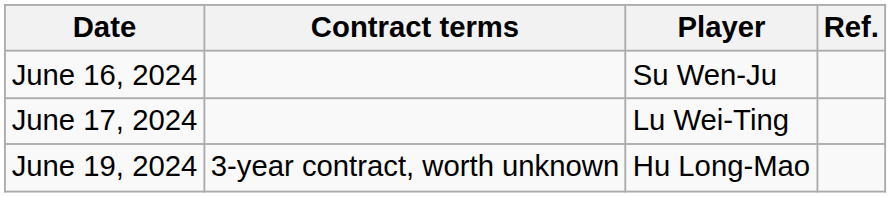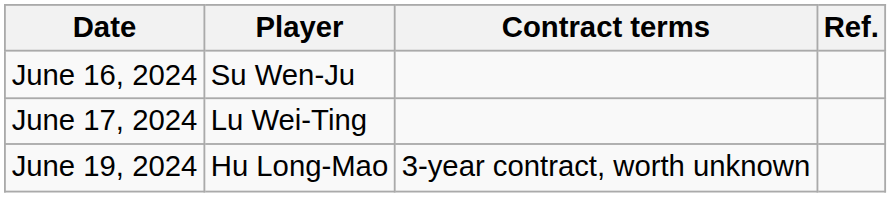 <table class="wikitable">
 <tr>
 <th>Date</th>
+<th>Player</th>
 <th>Contract terms</th>
-<th>Player</th>
 <th>Ref.</th>
 </tr>
 <tr>
 <td>June 16, 2024</td>
+<td>Su Wen-Ju</td>
 <td></td>
-<td>Su Wen-Ju</td>
 <td></td>
 </tr>
 <tr>
 <td>June 17, 2024</td>
+<td>Lu Wei-Ting</td>
 <td></td>
-<td>Lu Wei-Ting</td>
 <td></td>
 </tr>
 <tr>
 <td>June 19, 2024</td>
+<td>Hu Long-Mao</td>
 <td>3-year contract, worth unknown</td>
-<td>Hu Long-Mao</td>
 <td></td>
 </tr>
 </table>
